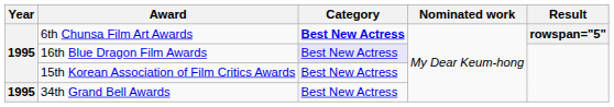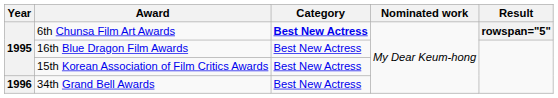 <table class="wikitable sortable plainrowheaders">
 <tr>
 <th>Year</th>
 <th>Award</th>
 <th>Category</th>
 <th>Nominated work</th>
 <th>Result</th>
 </tr>
 <tr>
 <th scope="row" rowspan="3">1995</th>
 <td>6th <a href='#'>Chunsa Film Art Awards</a></td>
 <td><strong><a href='#'>Best New Actress</a></strong></td>
 <td rowspan="4"><em>My Dear Keum-hong</em></td>
 <th>rowspan="5" </th>
 </tr>
 <tr>
 <td>16th <a href='#'>Blue Dragon Film Awards</a></td>
-<td style="background: lavender;"><a href='#'>Best New Actress</a></td>
+<td><a href='#'>Best New Actress</a></td>
 </tr>
 <tr>
 <td>15th <a href='#'>Korean Association of Film Critics Awards</a></td>
 <td><a href='#'>Best New Actress</a></td>
 </tr>
 <tr>
-<th scope="row" rowspan="1">1995</th>
+<th scope="row" rowspan="1">1996</th>
 <td>34th <a href='#'>Grand Bell Awards</a></td>
 <td><a href='#'>Best New Actress</a></td>
 </tr>
 </table>
